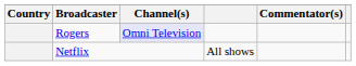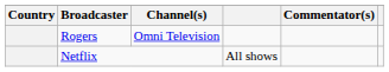 <table class="wikitable plainrowheaders">
 <tr>
 </tr>
 <tr>
 <th scope="col">Country</th>
 <th scope="col">Broadcaster</th>
 <th scope="col">Channel(s)</th>
 <th scope="col"></th>
 <th scope="col">Commentator(s)</th>
 <th scope="col"></th>
 </tr>
 <tr>
 <th scope="row"></th>
 <td><a href='#'>Rogers</a></td>
-<td style="background: lavender;"><a href='#'>Omni Television</a></td>
+<td><a href='#'>Omni Television</a></td>
 <td></td>
 <td></td>
 <td></td>
 </tr>
 <tr>
 <th scope="row"></th>
 <td colspan="2"><a href='#'>Netflix</a></td>
 <td>All shows</td>
 <td></td>
 <td></td>
 </tr>
 </table>
